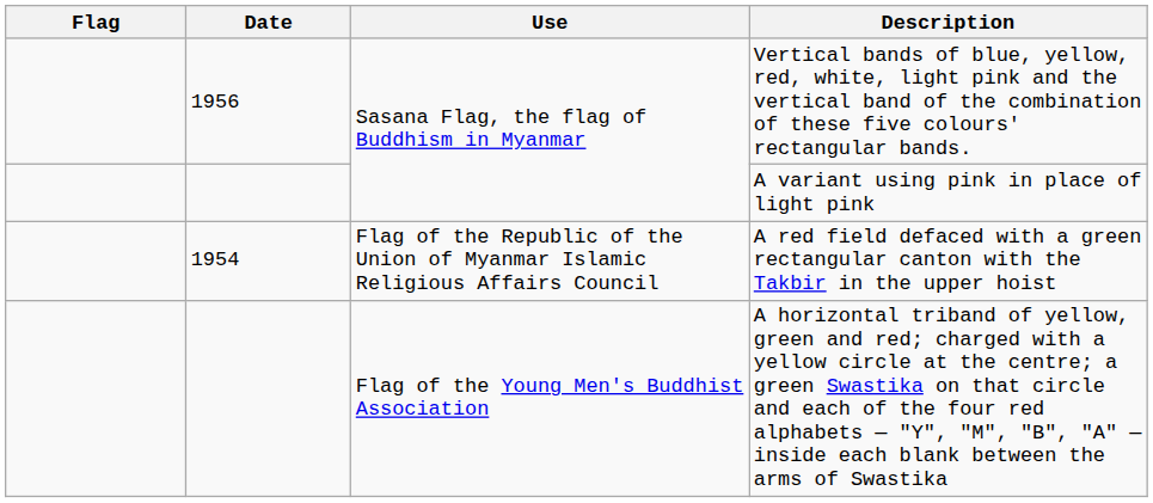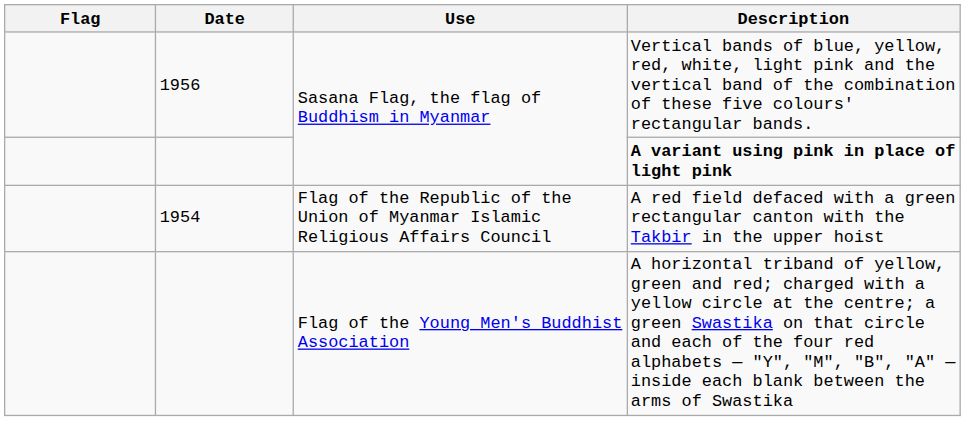 <table class="wikitable">
 <tr>
 <th width="110">Flag</th>
 <th width="100">Date</th>
 <th width="250">Use</th>
 <th width="250">Description</th>
 </tr>
 <tr>
 <td></td>
 <td>1956</td>
 <td rowspan="2">Sasana Flag, the flag of <a href='#'>Buddhism in Myanmar</a></td>
 <td>Vertical bands of blue, yellow, red, white, light pink and the vertical band of the combination of these five colours' rectangular bands.</td>
 </tr>
 <tr>
 <td></td>
 <td></td>
-<td>A variant using pink in place of light pink</td>
+<td><strong>A variant using pink in place of light pink</strong></td>
 </tr>
 <tr>
 <td></td>
 <td>1954</td>
 <td>Flag of the Republic of the Union of Myanmar Islamic Religious Affairs Council</td>
 <td>A red field defaced with a green rectangular canton with the <a href='#'>Takbir</a> in the upper hoist</td>
 </tr>
 <tr>
 <td></td>
 <td></td>
 <td>Flag of the <a href='#'>Young Men's Buddhist Association</a></td>
 <td>A horizontal triband of yellow, green and red; charged with a yellow circle at the centre; a green <a href='#'>Swastika</a> on that circle and each of the four red alphabets — "Y", "M", "B", "A" — inside each blank between the arms of Swastika </td>
 </tr>
 </table>
